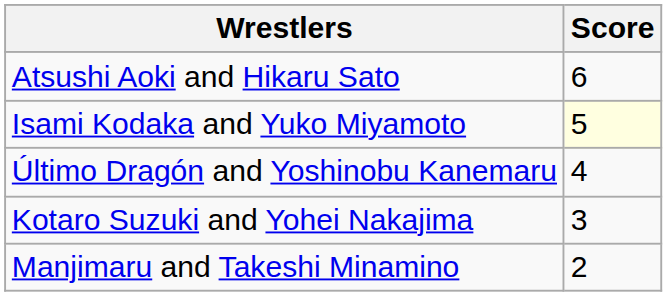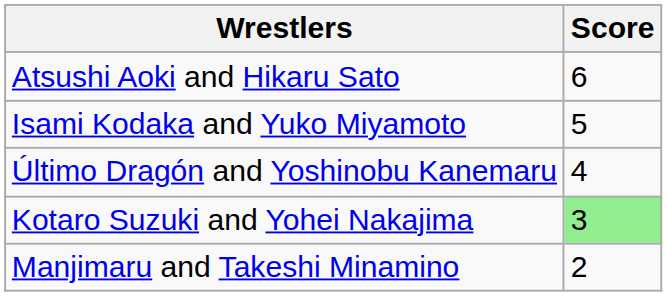 <table class="wikitable" style="margin: 1em auto 1em auto">
 <tr>
 <th>Wrestlers</th>
 <th>Score</th>
 </tr>
 <tr>
 <td><a href='#'>Atsushi Aoki</a> and <a href='#'>Hikaru Sato</a><br></td>
 <td>6</td>
 </tr>
 <tr>
 <td><a href='#'>Isami Kodaka</a> and <a href='#'>Yuko Miyamoto</a><br></td>
-<td style="background: lightyellow;">5</td>
+<td>5</td>
 </tr>
 <tr>
 <td><a href='#'>Último Dragón</a> and <a href='#'>Yoshinobu Kanemaru</a></td>
 <td>4</td>
 </tr>
 <tr>
 <td><a href='#'>Kotaro Suzuki</a> and <a href='#'>Yohei Nakajima</a><br></td>
-<td>3</td>
+<td style="background: lightgreen;">3</td>
 </tr>
 <tr>
 <td><a href='#'>Manjimaru</a> and <a href='#'>Takeshi Minamino</a><br></td>
 <td>2</td>
 </tr>
 </table>
